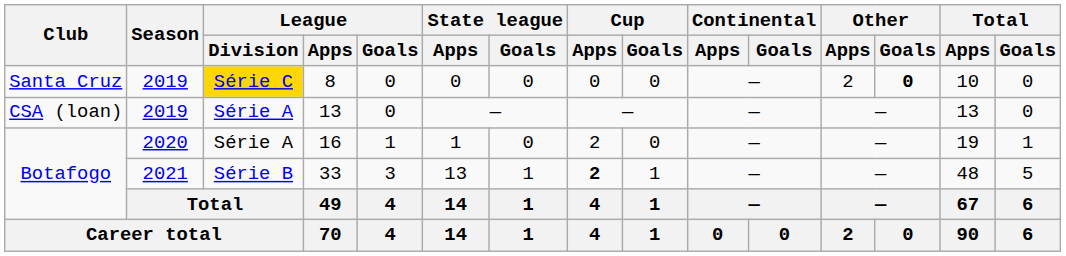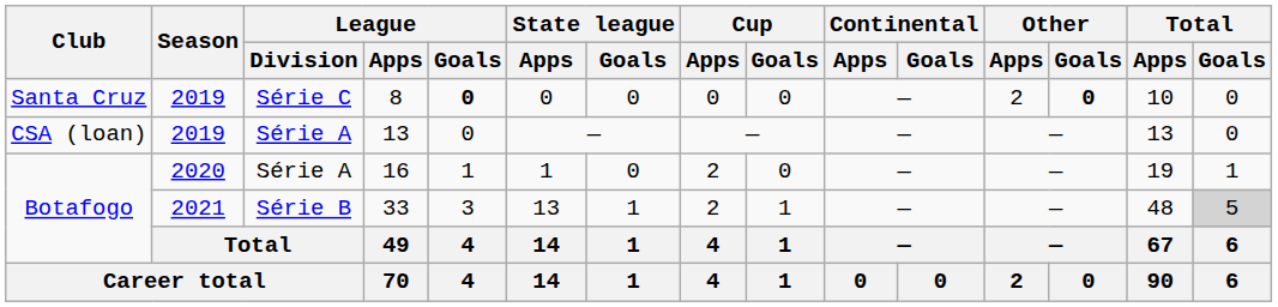 <table class="wikitable" style="text-align: center">
 <tr>
 <th rowspan="2">Club</th>
 <th rowspan="2">Season</th>
 <th colspan="3">League</th>
 <th colspan="2">State league</th>
 <th colspan="2">Cup</th>
 <th colspan="2">Continental</th>
 <th colspan="2">Other</th>
 <th colspan="2">Total</th>
 </tr>
 <tr>
 <th>Division</th>
 <th>Apps</th>
 <th>Goals</th>
 <th>Apps</th>
 <th>Goals</th>
 <th>Apps</th>
 <th>Goals</th>
 <th>Apps</th>
 <th>Goals</th>
 <th>Apps</th>
 <th>Goals</th>
 <th>Apps</th>
 <th>Goals</th>
 </tr>
 <tr>
 <td><a href='#'>Santa Cruz</a></td>
 <td><a href='#'>2019</a></td>
-<td style="background: gold;"><a href='#'>Série C</a></td>
+<td><a href='#'>Série C</a></td>
 <td>8</td>
-<td>0</td>
+<td><strong>0</strong></td>
 <td>0</td>
 <td>0</td>
 <td>0</td>
 <td>0</td>
 <td colspan="2">—</td>
 <td>2</td>
 <td><strong>0</strong></td>
 <td>10</td>
 <td>0</td>
 </tr>
 <tr>
 <td><a href='#'>CSA</a> (loan)</td>
 <td><a href='#'>2019</a></td>
 <td><a href='#'>Série A</a></td>
 <td>13</td>
 <td>0</td>
 <td colspan="2">—</td>
 <td colspan="2">—</td>
 <td colspan="2">—</td>
 <td colspan="2">—</td>
 <td>13</td>
 <td>0</td>
 </tr>
 <tr>
 <td rowspan="3"><a href='#'>Botafogo</a></td>
 <td><a href='#'>2020</a></td>
 <td>Série A</td>
 <td>16</td>
 <td>1</td>
 <td>1</td>
 <td>0</td>
 <td>2</td>
 <td>0</td>
 <td colspan="2">—</td>
 <td colspan="2">—</td>
 <td>19</td>
 <td>1</td>
 </tr>
 <tr>
 <td><a href='#'>2021</a></td>
 <td><a href='#'>Série B</a></td>
 <td>33</td>
 <td>3</td>
 <td>13</td>
 <td>1</td>
-<td><strong>2</strong></td>
+<td>2</td>
 <td>1</td>
 <td colspan="2">—</td>
 <td colspan="2">—</td>
 <td>48</td>
-<td>5</td>
+<td style="background: lightgrey;">5</td>
 </tr>
 <tr>
 <th colspan="2">Total</th>
 <th>49</th>
 <th>4</th>
 <th>14</th>
 <th>1</th>
 <th>4</th>
 <th>1</th>
 <th colspan="2">—</th>
 <th colspan="2">—</th>
 <th>67</th>
 <th>6</th>
 </tr>
 <tr>
 <th colspan="3"><strong>Career total</strong></th>
 <th>70</th>
 <th>4</th>
 <th>14</th>
 <th>1</th>
 <th>4</th>
 <th>1</th>
 <th>0</th>
 <th>0</th>
 <th>2</th>
 <th>0</th>
 <th>90</th>
 <th>6</th>
 </tr>
 </table>
